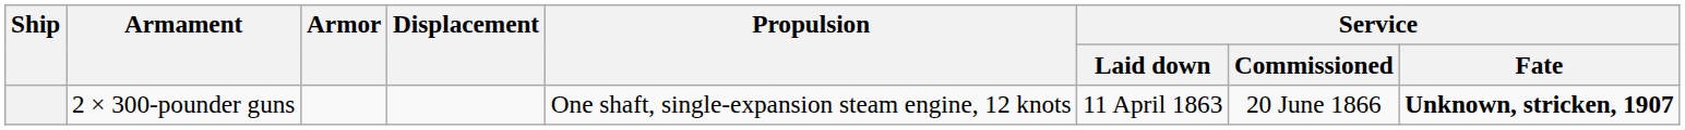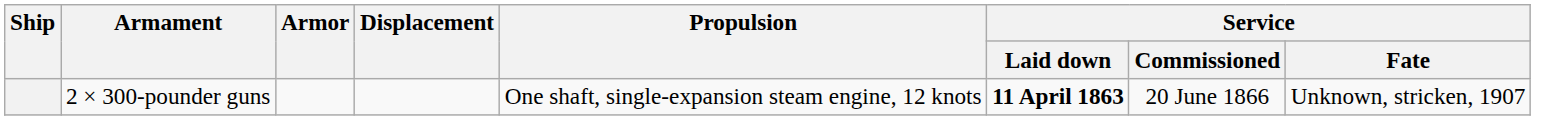 <table class="wikitable plainrowheaders" style="text-align: center;">
 <tr valign="top">
 <th scope="col" rowspan="2">Ship</th>
 <th scope="col" rowspan="2">Armament</th>
 <th scope="col" rowspan="2">Armor</th>
 <th scope="col" rowspan="2">Displacement</th>
 <th scope="col" rowspan="2">Propulsion</th>
 <th scope="col" colspan="3">Service</th>
 </tr>
 <tr valign="top">
 <th scope="col">Laid down</th>
 <th scope="col">Commissioned</th>
 <th scope="col">Fate</th>
 </tr>
 <tr valign="center">
 <th scope="row"></th>
 <td>2 × 300-pounder guns</td>
 <td></td>
 <td></td>
 <td>One shaft, single-expansion steam engine, 12 knots</td>
-<td>11 April 1863</td>
+<td><strong>11 April 1863</strong></td>
 <td>20 June 1866</td>
-<td><strong>Unknown, stricken, 1907</strong></td>
+<td>Unknown, stricken, 1907</td>
 </tr>
 </table>
